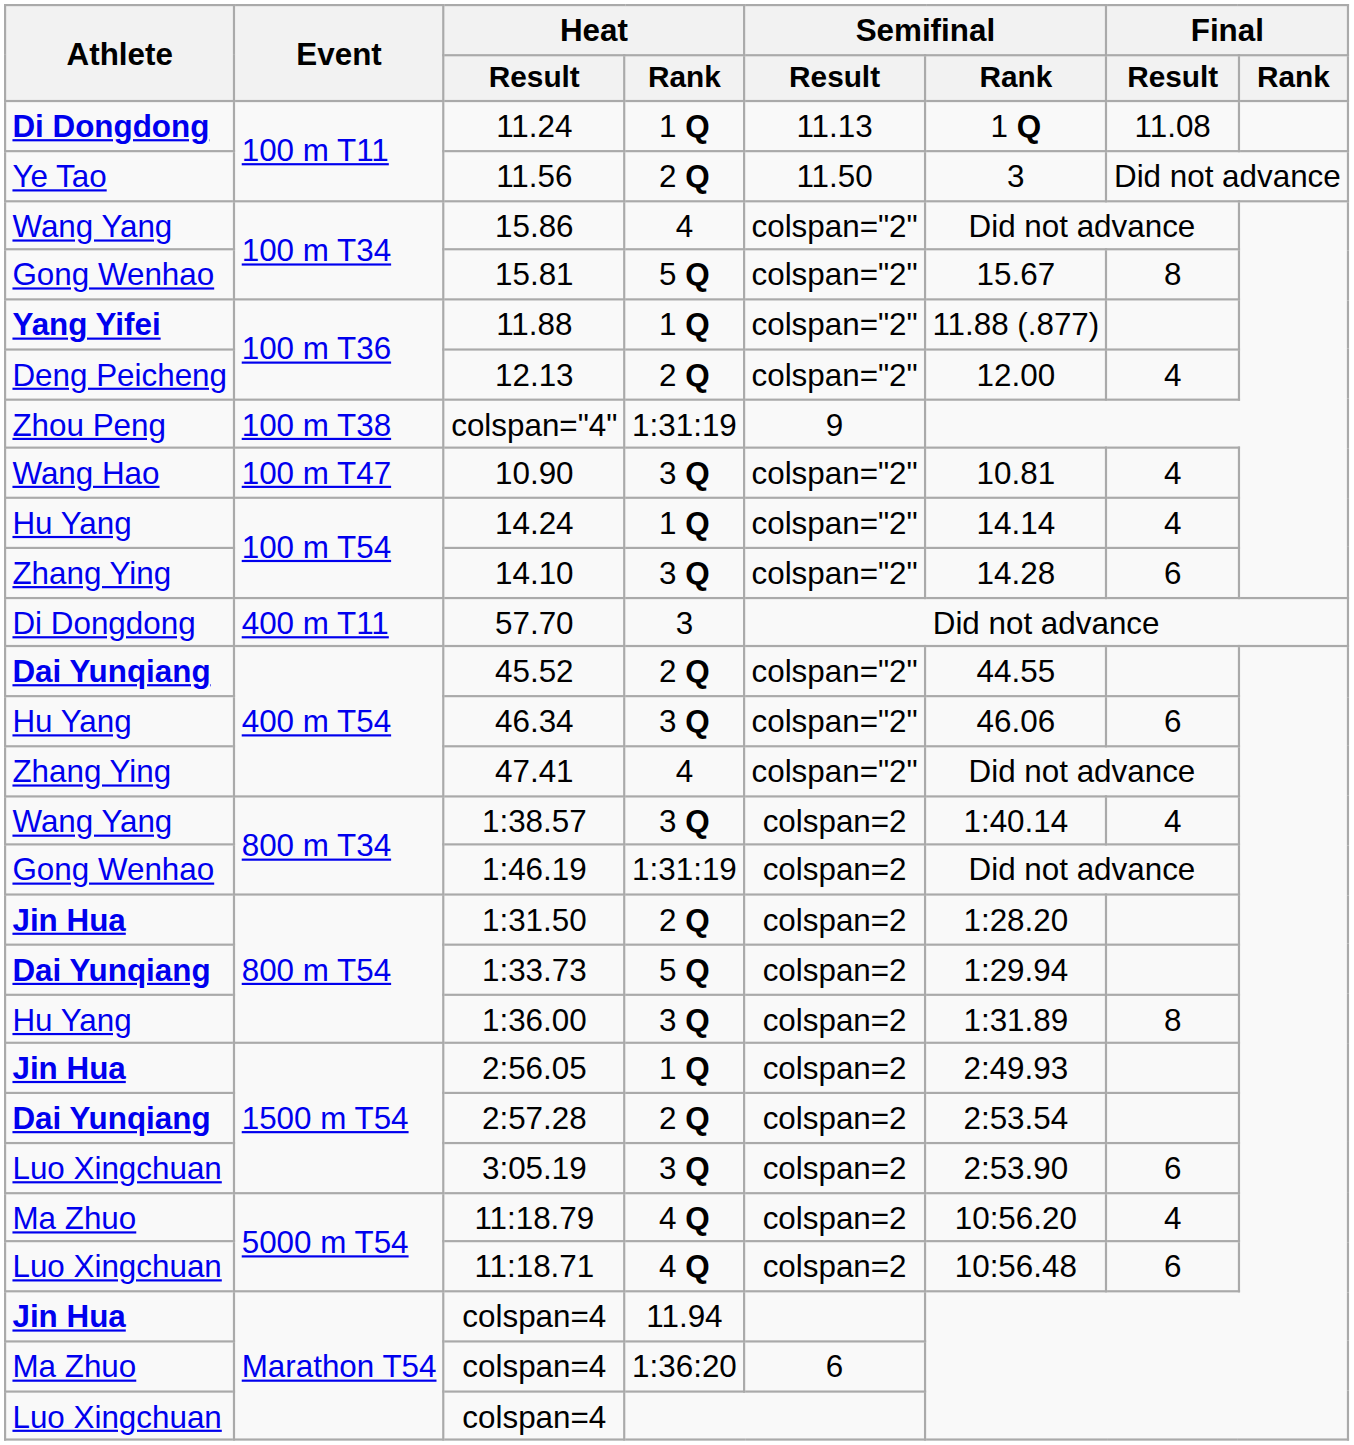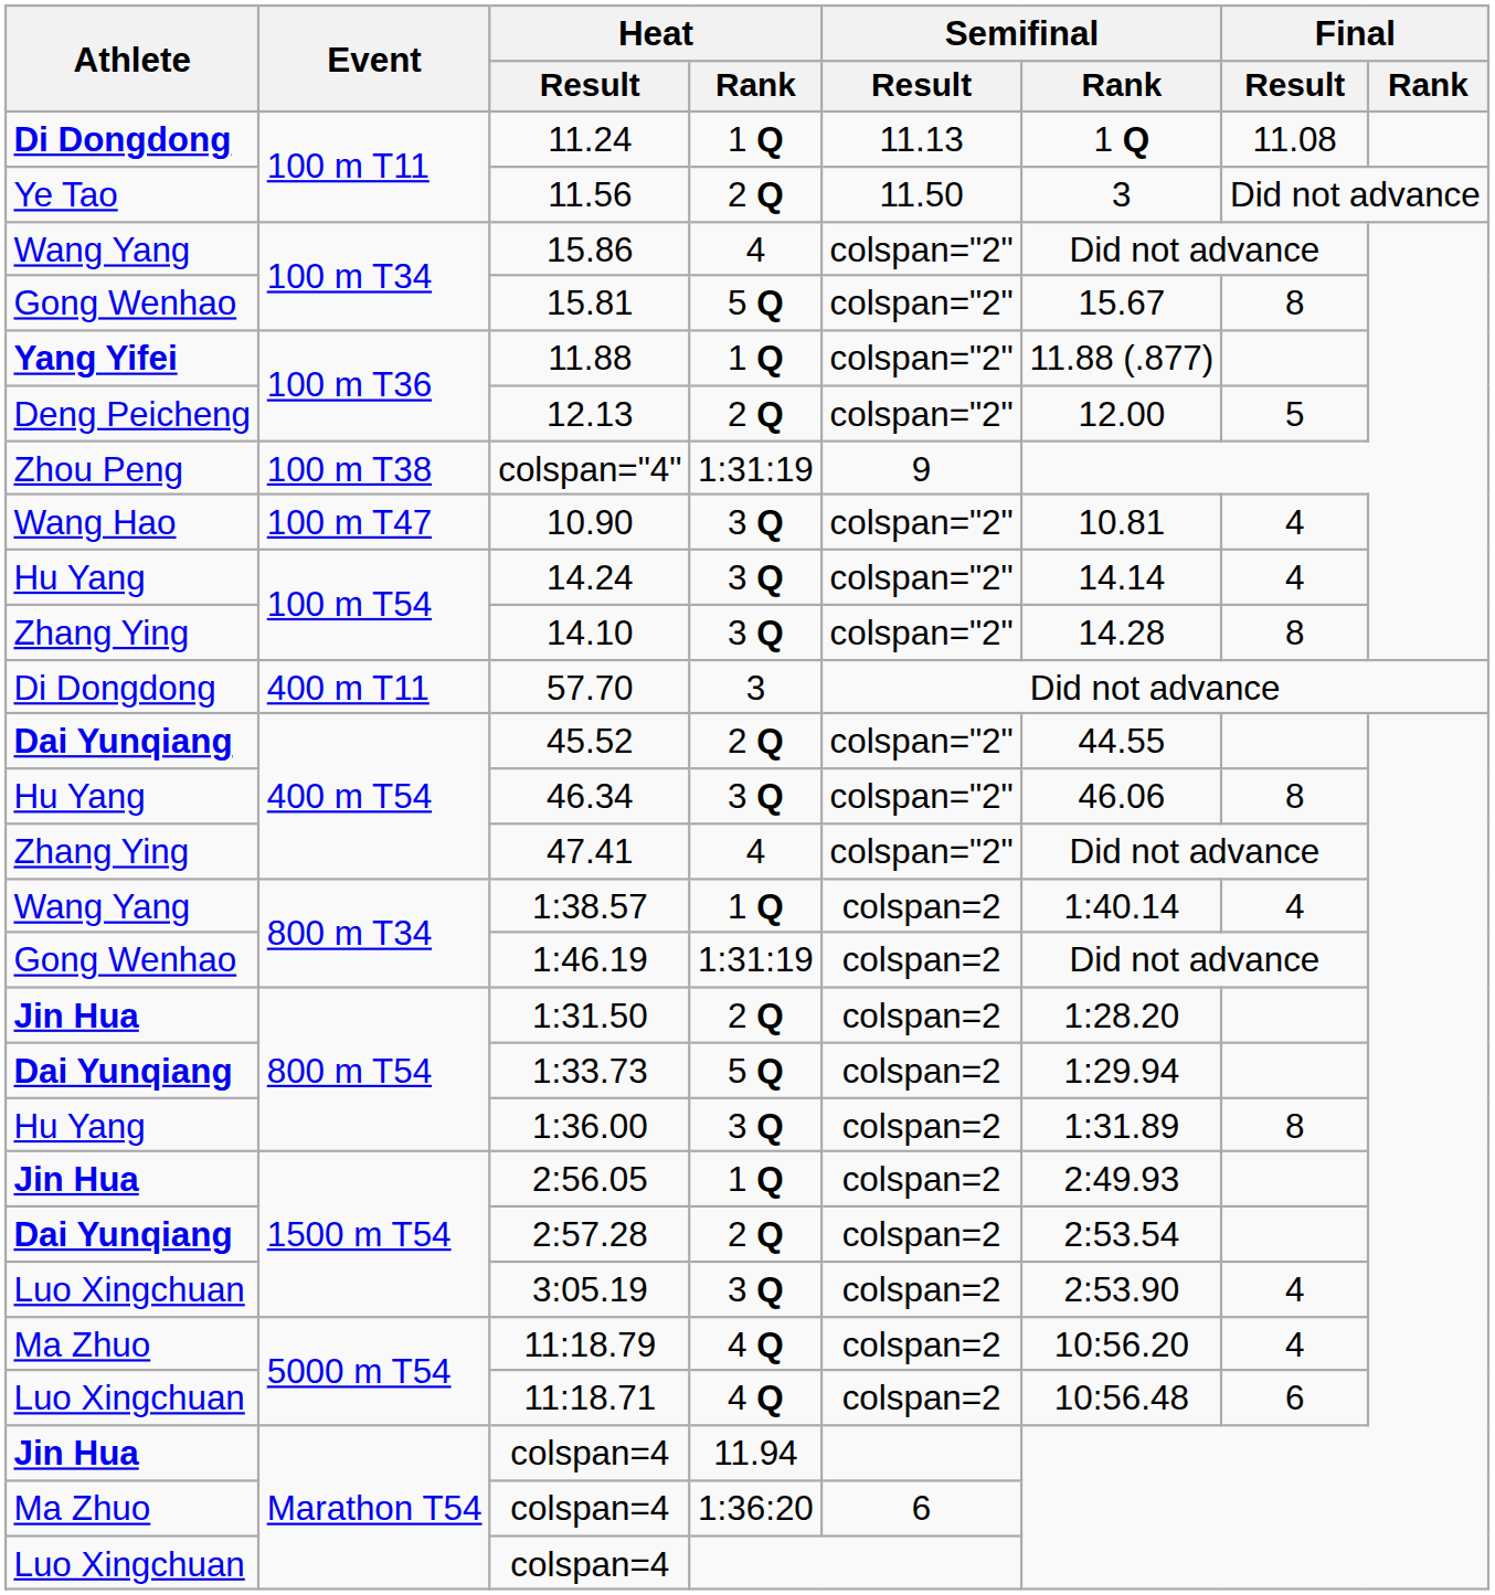 <table class="wikitable" style="font-size:90%">
 <tr>
 <th rowspan="2">Athlete</th>
 <th rowspan="2">Event</th>
 <th colspan="2">Heat</th>
 <th colspan="2">Semifinal</th>
 <th colspan="2">Final</th>
 </tr>
 <tr style="font-size:95%">
 <th>Result</th>
 <th>Rank</th>
 <th>Result</th>
 <th>Rank</th>
 <th>Result</th>
 <th>Rank</th>
 </tr>
 <tr align=center>
 <td align=left><strong><a href='#'>Di Dongdong</a></strong></td>
 <td align=left rowspan=2><a href='#'>100 m T11</a></td>
 <td>11.24</td>
 <td>1 <strong>Q</strong></td>
 <td>11.13</td>
 <td>1 <strong>Q</strong></td>
 <td>11.08</td>
 <td></td>
 </tr>
 <tr align=center>
 <td align=left><a href='#'>Ye Tao</a></td>
 <td>11.56</td>
 <td>2 <strong>Q</strong></td>
 <td>11.50</td>
 <td>3</td>
 <td colspan="2">Did not advance</td>
 </tr>
 <tr align=center>
 <td align=left><a href='#'>Wang Yang</a></td>
 <td align=left rowspan=2><a href='#'>100 m T34</a></td>
 <td>15.86</td>
 <td>4</td>
 <td>colspan="2" </td>
 <td colspan="2">Did not advance</td>
 </tr>
 <tr align=center>
 <td align=left><a href='#'>Gong Wenhao</a></td>
 <td>15.81</td>
 <td>5 <strong>Q</strong></td>
 <td>colspan="2" </td>
 <td>15.67</td>
 <td>8</td>
 </tr>
 <tr align=center>
 <td align=left><strong><a href='#'>Yang Yifei</a></strong></td>
 <td align=left rowspan=2><a href='#'>100 m T36</a></td>
 <td>11.88</td>
 <td>1 <strong>Q</strong></td>
 <td>colspan="2" </td>
 <td>11.88	(.877)</td>
 <td></td>
 </tr>
 <tr align=center>
 <td align=left><a href='#'>Deng Peicheng</a></td>
 <td>12.13</td>
 <td>2 <strong>Q</strong></td>
 <td>colspan="2" </td>
 <td>12.00</td>
-<td>4</td>
+<td>5</td>
 </tr>
 <tr align=center>
 <td align=left><a href='#'>Zhou Peng</a></td>
 <td align=left><a href='#'>100 m T38</a></td>
 <td>colspan="4" </td>
 <td>1:31:19</td>
 <td>9</td>
 </tr>
 <tr align=center>
 <td align=left><a href='#'>Wang Hao</a></td>
 <td align=left><a href='#'>100 m T47</a></td>
 <td>10.90</td>
 <td>3 <strong>Q</strong></td>
 <td>colspan="2" </td>
 <td>10.81</td>
 <td>4</td>
 </tr>
 <tr align=center>
 <td align=left><a href='#'>Hu Yang</a></td>
 <td align=left rowspan=2><a href='#'>100 m T54</a></td>
 <td>14.24</td>
-<td>1 <strong>Q</strong></td>
+<td>3 <strong>Q</strong></td>
 <td>colspan="2" </td>
 <td>14.14</td>
 <td>4</td>
 </tr>
 <tr align=center>
 <td align=left><a href='#'>Zhang Ying</a></td>
 <td>14.10</td>
 <td>3 <strong>Q</strong></td>
 <td>colspan="2" </td>
 <td>14.28</td>
-<td>6</td>
+<td>8</td>
 </tr>
 <tr align=center>
 <td align=left><a href='#'>Di Dongdong</a></td>
 <td align=left><a href='#'>400 m T11</a></td>
 <td>57.70</td>
 <td>3</td>
 <td colspan=4>Did not advance</td>
 </tr>
 <tr align=center>
 <td align=left><strong><a href='#'>Dai Yunqiang</a></strong></td>
 <td align=left rowspan=3><a href='#'>400 m T54</a></td>
 <td>45.52</td>
 <td>2 <strong>Q</strong></td>
 <td>colspan="2" </td>
 <td>44.55</td>
 <td></td>
 </tr>
 <tr align=center>
 <td align=left><a href='#'>Hu Yang</a></td>
 <td>46.34</td>
 <td>3 <strong>Q</strong></td>
 <td>colspan="2" </td>
 <td>46.06</td>
-<td>6</td>
+<td>8</td>
 </tr>
 <tr align=center>
 <td align=left><a href='#'>Zhang Ying</a></td>
 <td>47.41</td>
 <td>4</td>
 <td>colspan="2" </td>
 <td colspan=2>Did not advance</td>
 </tr>
 <tr align=center>
 <td align=left><a href='#'>Wang Yang</a></td>
 <td align=left rowspan=2><a href='#'>800 m T34</a></td>
 <td>1:38.57</td>
-<td>3 <strong>Q</strong></td>
+<td>1 <strong>Q</strong></td>
 <td>colspan=2 </td>
 <td>1:40.14</td>
 <td>4</td>
 </tr>
 <tr align=center>
 <td align=left><a href='#'>Gong Wenhao</a></td>
 <td>1:46.19</td>
 <td>1:31:19</td>
 <td>colspan=2 </td>
 <td colspan=2>Did not advance</td>
 </tr>
 <tr align=center>
 <td align=left><strong><a href='#'>Jin Hua</a></strong></td>
 <td align=left rowspan=3><a href='#'>800 m T54</a></td>
 <td>1:31.50</td>
 <td>2 <strong>Q</strong></td>
 <td>colspan=2 </td>
 <td>1:28.20</td>
 <td></td>
 </tr>
 <tr align=center>
 <td align=left><strong><a href='#'>Dai Yunqiang</a></strong></td>
 <td>1:33.73</td>
 <td>5 <strong>Q</strong></td>
 <td>colspan=2 </td>
 <td>1:29.94</td>
 <td></td>
 </tr>
 <tr align=center>
 <td align=left><a href='#'>Hu Yang</a></td>
 <td>1:36.00</td>
 <td>3 <strong>Q</strong></td>
 <td>colspan=2 </td>
 <td>1:31.89</td>
 <td>8</td>
 </tr>
 <tr align=center>
 <td align=left><strong><a href='#'>Jin Hua</a></strong></td>
 <td align=left rowspan=3><a href='#'>1500 m T54</a></td>
 <td>2:56.05</td>
 <td>1 <strong>Q</strong></td>
 <td>colspan=2 </td>
 <td>2:49.93</td>
 <td></td>
 </tr>
 <tr align=center>
 <td align=left><strong><a href='#'>Dai Yunqiang</a></strong></td>
 <td>2:57.28</td>
 <td>2  <strong>Q</strong></td>
 <td>colspan=2 </td>
 <td>2:53.54</td>
 <td></td>
 </tr>
 <tr align=center>
 <td align=left><a href='#'>Luo Xingchuan</a></td>
 <td>3:05.19</td>
 <td>3 <strong>Q</strong></td>
 <td>colspan=2 </td>
 <td>2:53.90</td>
-<td>6</td>
+<td>4</td>
 </tr>
 <tr align=center>
 <td align=left><a href='#'>Ma Zhuo</a></td>
 <td align=left rowspan="2"><a href='#'>5000 m T54</a></td>
 <td>11:18.79</td>
 <td>4 <strong>Q</strong></td>
 <td>colspan=2 </td>
 <td>10:56.20</td>
 <td>4</td>
 </tr>
 <tr align=center>
 <td align=left><a href='#'>Luo Xingchuan</a></td>
 <td>11:18.71</td>
 <td>4 <strong>Q</strong></td>
 <td>colspan=2 </td>
 <td>10:56.48</td>
 <td>6</td>
 </tr>
 <tr align=center>
 <td align=left><strong><a href='#'>Jin Hua</a></strong></td>
 <td align=left rowspan="3"><a href='#'>Marathon T54</a></td>
 <td>colspan=4 </td>
 <td>11.94</td>
 <td></td>
 </tr>
 <tr align=center>
 <td align=left><a href='#'>Ma Zhuo</a></td>
 <td>colspan=4 </td>
 <td>1:36:20</td>
 <td>6</td>
 </tr>
 <tr align=center>
 <td align=left><a href='#'>Luo Xingchuan</a></td>
 <td>colspan=4 </td>
 <td colspan=2></td>
 </tr>
 </table>
